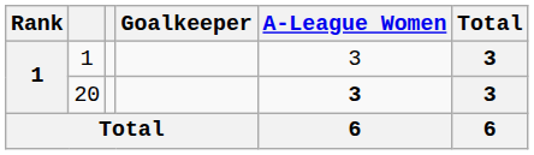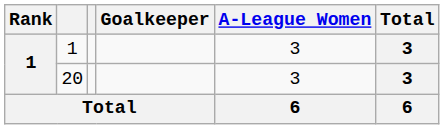 <table class="wikitable" style="text-align:center">
 <tr>
 <th>Rank</th>
 <th></th>
 <th></th>
 <th>Goalkeeper</th>
 <th><a href='#'>A-League Women</a></th>
 <th>Total</th>
 </tr>
 <tr>
 <th rowspan="2">1</th>
 <td>1</td>
 <td></td>
 <td align="left"></td>
 <td>3</td>
 <th>3</th>
 </tr>
 <tr>
 <td>20</td>
 <td></td>
 <td align="left"></td>
-<td><strong>3</strong></td>
+<td>3</td>
 <th>3</th>
 </tr>
 <tr>
 <th colspan="4">Total</th>
 <th>6</th>
 <th>6</th>
 </tr>
 </table>
